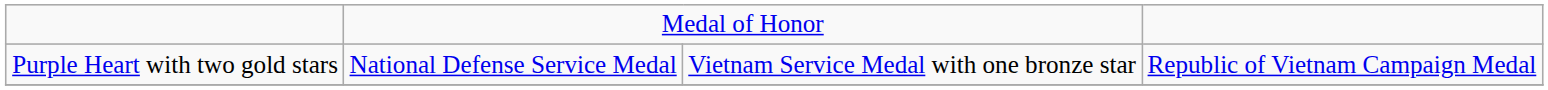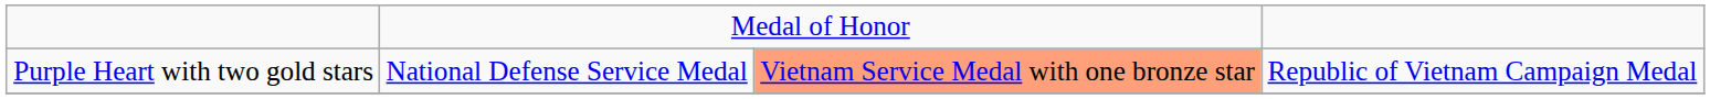 <table class="wikitable" style="margin:1em auto; text-align:center;">
 <tr>
 <td></td>
 <td colspan="2"><a href='#'>Medal of Honor</a></td>
 <td></td>
 </tr>
 <tr>
 <td><a href='#'>Purple Heart</a> with two gold stars</td>
 <td><a href='#'>National Defense Service Medal</a></td>
-<td><a href='#'>Vietnam Service Medal</a> with one bronze star</td>
+<td style="background: lightsalmon;"><a href='#'>Vietnam Service Medal</a> with one bronze star</td>
 <td><a href='#'>Republic of Vietnam Campaign Medal</a></td>
 </tr>
 <tr>
 </tr>
 </table>
